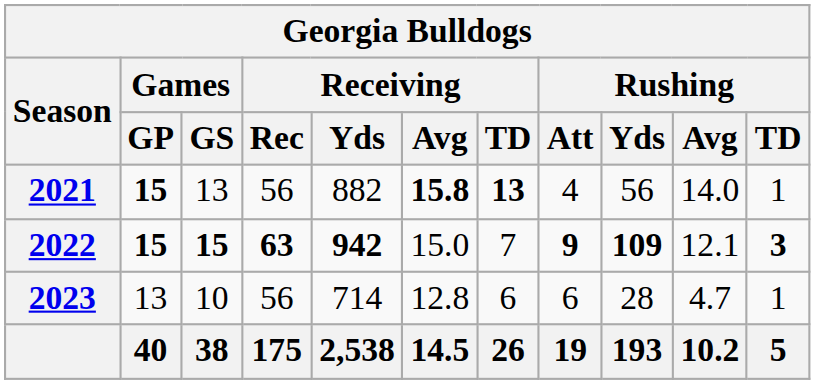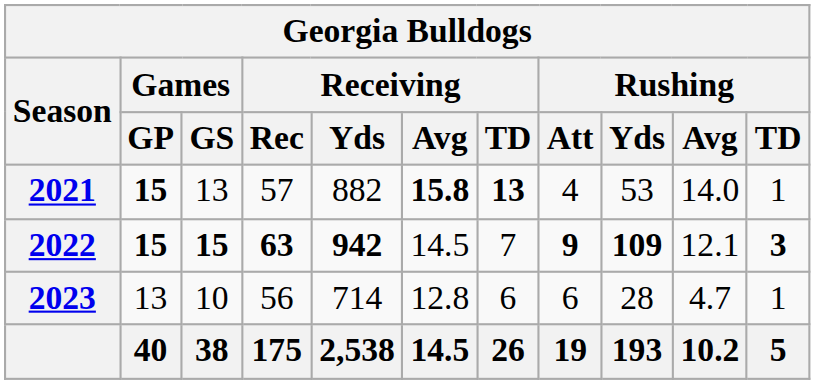 <table class="wikitable" style="text-align:center;">
 <tr>
 <th colspan="11">Georgia Bulldogs</th>
 </tr>
 <tr>
 <th rowspan="2">Season</th>
 <th colspan="2">Games</th>
 <th colspan="4">Receiving</th>
 <th colspan="4">Rushing</th>
 </tr>
 <tr>
 <th>GP</th>
 <th>GS</th>
 <th>Rec</th>
 <th>Yds</th>
 <th>Avg</th>
 <th>TD</th>
 <th>Att</th>
 <th>Yds</th>
 <th>Avg</th>
 <th>TD</th>
 </tr>
 <tr>
 <th><a href='#'>2021</a></th>
 <td><strong>15</strong></td>
 <td>13</td>
-<td>56</td>
+<td>57</td>
 <td>882</td>
 <td><strong>15.8</strong></td>
 <td><strong>13</strong></td>
 <td>4</td>
-<td>56</td>
+<td>53</td>
 <td>14.0</td>
 <td>1</td>
 </tr>
 <tr>
 <th><a href='#'>2022</a></th>
 <td><strong>15</strong></td>
 <td><strong>15</strong></td>
 <td><strong>63</strong></td>
 <td><strong>942</strong></td>
-<td>15.0</td>
+<td>14.5</td>
 <td>7</td>
 <td><strong>9</strong></td>
 <td><strong>109</strong></td>
 <td>12.1</td>
 <td><strong>3</strong></td>
 </tr>
 <tr>
 <th><a href='#'>2023</a></th>
 <td>13</td>
 <td>10</td>
 <td>56</td>
 <td>714</td>
 <td>12.8</td>
 <td>6</td>
 <td>6</td>
 <td>28</td>
 <td>4.7</td>
 <td>1</td>
 </tr>
 <tr>
 <th></th>
 <th>40</th>
 <th>38</th>
 <th>175</th>
 <th>2,538</th>
 <th>14.5</th>
 <th>26</th>
 <th>19</th>
 <th>193</th>
 <th>10.2</th>
 <th>5</th>
 </tr>
 </table>
